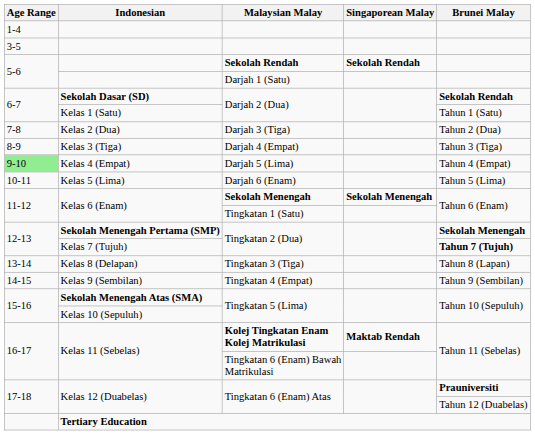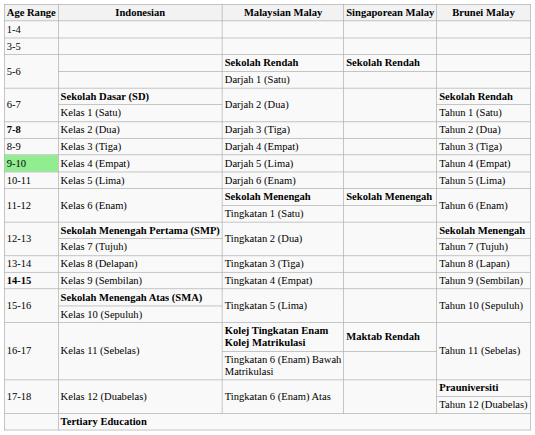 <table class="wikitable">
 <tr>
 <th>Age Range</th>
 <th>Indonesian</th>
 <th>Malaysian Malay</th>
 <th>Singaporean Malay</th>
 <th>Brunei Malay</th>
 </tr>
 <tr>
 <td>1-4</td>
 <td></td>
 <td></td>
 <td></td>
 <td></td>
 </tr>
 <tr>
 <td>3-5</td>
 <td></td>
 <td></td>
 <td></td>
 <td></td>
 </tr>
 <tr>
 <td rowspan="2">5-6</td>
 <td></td>
 <td><strong>Sekolah Rendah</strong></td>
 <td><strong>Sekolah Rendah</strong></td>
 <td></td>
 </tr>
 <tr>
 <td></td>
 <td>Darjah 1 (Satu)</td>
 <td></td>
 <td></td>
 </tr>
 <tr>
 <td rowspan="2">6-7</td>
 <td><strong>Sekolah Dasar (SD)</strong></td>
 <td rowspan="2">Darjah 2 (Dua)</td>
 <td rowspan="2"></td>
 <td><strong>Sekolah Rendah</strong></td>
 </tr>
 <tr>
 <td>Kelas 1 (Satu)</td>
 <td>Tahun 1 (Satu)</td>
 </tr>
 <tr>
-<td>7-8</td>
+<td><strong>7-8</strong></td>
 <td>Kelas 2 (Dua)</td>
 <td>Darjah 3 (Tiga)</td>
 <td></td>
 <td>Tahun 2 (Dua)</td>
 </tr>
 <tr>
 <td>8-9</td>
 <td>Kelas 3 (Tiga)</td>
 <td>Darjah 4 (Empat)</td>
 <td></td>
 <td>Tahun 3 (Tiga)</td>
 </tr>
 <tr>
 <td style="background: lightgreen;">9-10</td>
 <td>Kelas 4 (Empat)</td>
 <td>Darjah 5 (Lima)</td>
 <td></td>
 <td>Tahun 4 (Empat)</td>
 </tr>
 <tr>
 <td>10-11</td>
 <td>Kelas 5 (Lima)</td>
 <td>Darjah 6 (Enam)</td>
 <td></td>
 <td>Tahun 5 (Lima)</td>
 </tr>
 <tr>
 <td rowspan="2">11-12</td>
 <td rowspan="2">Kelas 6 (Enam)</td>
 <td><strong>Sekolah Menengah</strong></td>
 <td><strong>Sekolah Menengah</strong></td>
 <td rowspan="2">Tahun 6 (Enam)</td>
 </tr>
 <tr>
 <td>Tingkatan 1 (Satu)</td>
 <td></td>
 </tr>
 <tr>
 <td rowspan="2">12-13</td>
 <td><strong>Sekolah Menengah Pertama (SMP)</strong></td>
 <td rowspan="2">Tingkatan 2 (Dua)</td>
 <td rowspan="2"></td>
 <td><strong>Sekolah Menengah</strong></td>
 </tr>
 <tr>
 <td>Kelas 7 (Tujuh)</td>
-<td><strong>Tahun 7 (Tujuh)</strong></td>
+<td>Tahun 7 (Tujuh)</td>
 </tr>
 <tr>
 <td>13-14</td>
 <td>Kelas 8 (Delapan)</td>
 <td>Tingkatan 3 (Tiga)</td>
 <td></td>
 <td>Tahun 8 (Lapan)</td>
 </tr>
 <tr>
-<td>14-15</td>
+<td><strong>14-15</strong></td>
 <td>Kelas 9 (Sembilan)</td>
 <td>Tingkatan 4 (Empat)</td>
 <td></td>
 <td>Tahun 9 (Sembilan)</td>
 </tr>
 <tr>
 <td rowspan="2">15-16</td>
 <td><strong>Sekolah Menengah Atas (SMA)</strong></td>
 <td rowspan="2">Tingkatan 5 (Lima)</td>
 <td rowspan="2"></td>
 <td rowspan="2">Tahun 10 (Sepuluh)</td>
 </tr>
 <tr>
 <td>Kelas 10 (Sepuluh)</td>
 </tr>
 <tr>
 <td rowspan="2">16-17</td>
 <td rowspan="2">Kelas 11 (Sebelas)</td>
 <td><strong>Kolej Tingkatan Enam</strong><br><strong>Kolej Matrikulasi</strong></td>
 <td><strong>Maktab Rendah</strong></td>
 <td rowspan="2">Tahun 11 (Sebelas)</td>
 </tr>
 <tr>
 <td>Tingkatan 6 (Enam) Bawah<br>Matrikulasi</td>
 <td></td>
 </tr>
 <tr>
 <td rowspan="2">17-18</td>
 <td rowspan="2">Kelas 12 (Duabelas)</td>
 <td rowspan="2">Tingkatan 6 (Enam) Atas</td>
 <td rowspan="2"></td>
 <td><strong>Prauniversiti</strong></td>
 </tr>
 <tr>
 <td>Tahun 12 (Duabelas)</td>
 </tr>
 <tr>
 <td></td>
 <td colspan="4"><strong>Tertiary Education</strong></td>
 </tr>
 </table>
